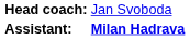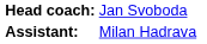 <table>
 <tr>
 <td><strong>Head coach:</strong></td>
 <td><a href='#'>Jan Svoboda</a></td>
 </tr>
 <tr>
 <td><strong>Assistant:</strong></td>
-<td><strong><a href='#'>Milan Hadrava</a></strong></td>
+<td><a href='#'>Milan Hadrava</a></td>
 </tr>
 </table>
